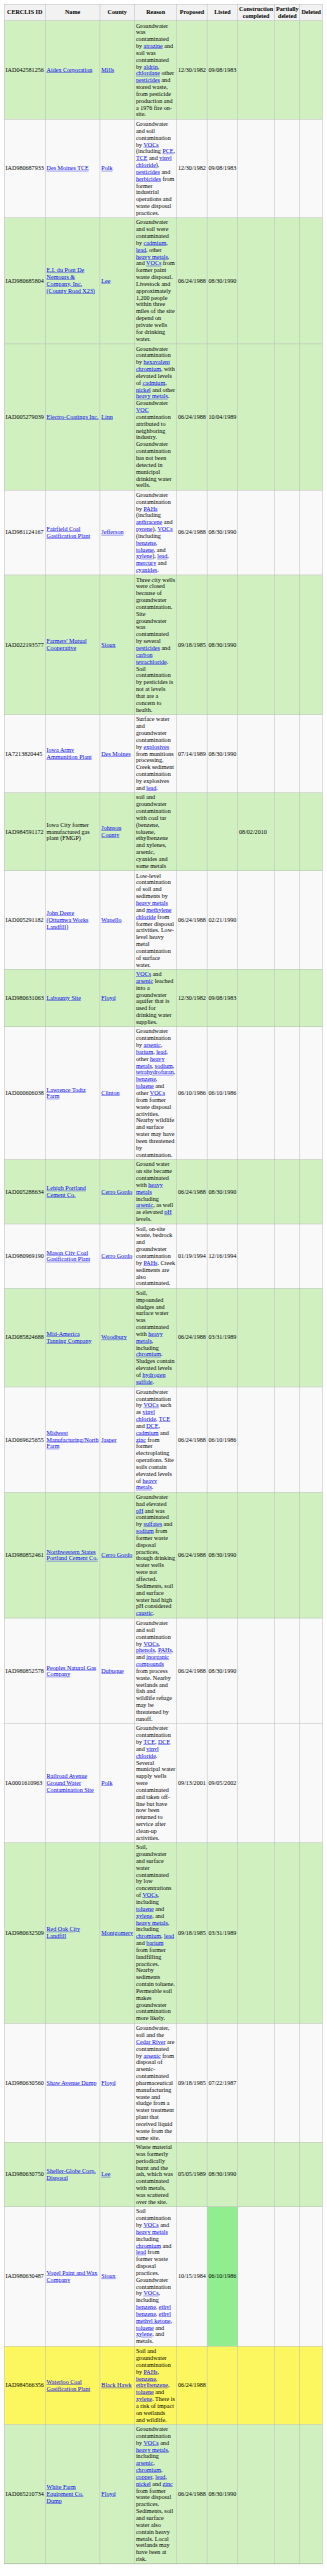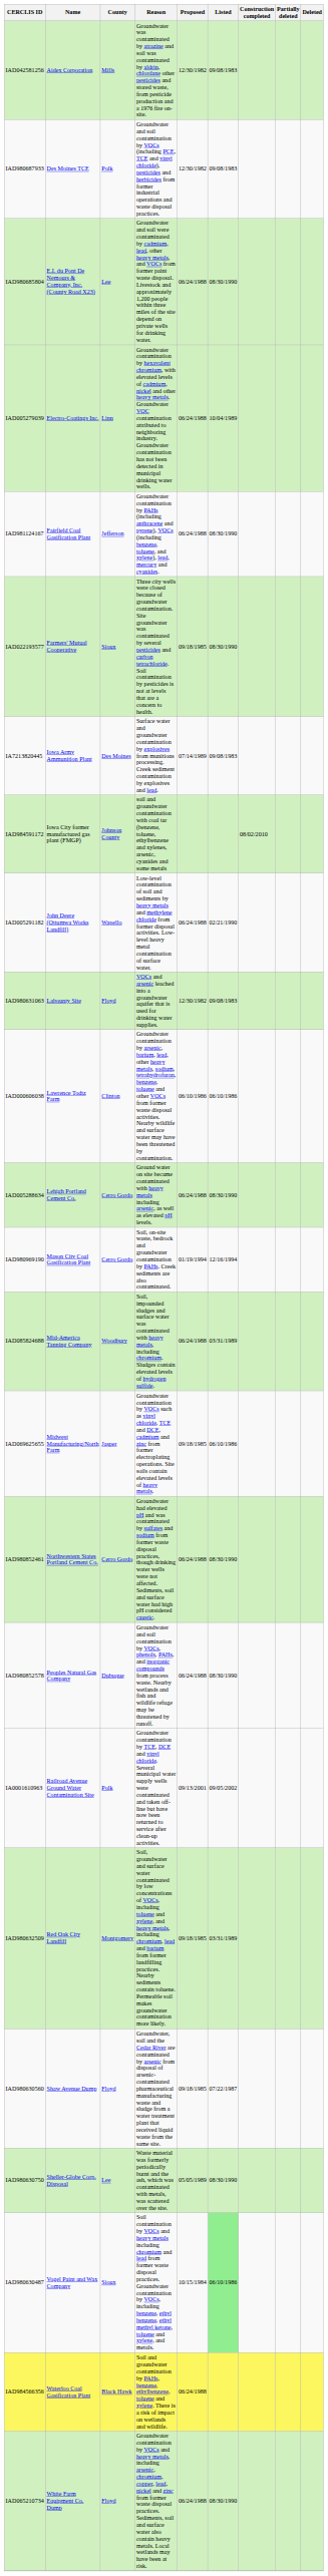 <table class="wikitable sortable">
 <tr>
 <th>CERCLIS ID</th>
 <th>Name</th>
 <th>County</th>
 <th>Reason</th>
 <th>Proposed</th>
 <th>Listed</th>
 <th>Construction<br>completed</th>
 <th>Partially<br>deleted</th>
 <th>Deleted</th>
 </tr>
 <tr style="background:#d0f0c0">
 <td>IAD042581256</td>
 <td><a href='#'>Aidex Corporation</a></td>
 <td><a href='#'>Mills</a></td>
 <td>Groundwater was contaminated by <a href='#'>atrazine</a> and soil was contaminated by <a href='#'>aldrin</a>, <a href='#'>chlordane</a> other <a href='#'>pesticides</a> and stored waste, from pesticide production and a 1976 fire on-site.</td>
 <td>12/30/1982</td>
 <td>09/08/1983</td>
 <td></td>
 <td></td>
 <td></td>
 </tr>
 <tr>
 <td>IAD980687933</td>
 <td><a href='#'>Des Moines TCE</a></td>
 <td><a href='#'>Polk</a></td>
 <td>Groundwater and soil contamination by <a href='#'>VOCs</a> (including <a href='#'>PCE</a>, <a href='#'>TCE</a> and <a href='#'>vinyl chloride</a>), <a href='#'>pesticides</a> and <a href='#'>herbicides</a> from former industrial operations and waste disposal practices.</td>
 <td>12/30/1982</td>
 <td>09/08/1983</td>
 <td></td>
 <td></td>
 <td></td>
 </tr>
 <tr style="background:#d0f0c0">
 <td>IAD980685804</td>
 <td><a href='#'>E.I. du Pont De Nemours & Company, Inc. (County Road X23)</a></td>
 <td><a href='#'>Lee</a></td>
 <td>Groundwater and soil were contaminated by <a href='#'>cadmium</a>, <a href='#'>lead</a>, other <a href='#'>heavy metals</a>, and <a href='#'>VOCs</a> from former paint waste disposal.  Livestock and approximately 1,200 people within three miles of the site depend on private wells for drinking water.</td>
 <td>06/24/1988</td>
 <td>08/30/1990</td>
 <td></td>
 <td></td>
 <td></td>
 </tr>
 <tr style="background:#d0f0c0">
 <td>IAD005279039</td>
 <td><a href='#'>Electro-Coatings Inc.</a></td>
 <td><a href='#'>Linn</a></td>
 <td>Groundwater contamination by <a href='#'>hexavalent chromium</a>, with elevated levels of <a href='#'>cadmium</a>, <a href='#'>nickel</a> and other <a href='#'>heavy metals</a>.  Groundwater <a href='#'>VOC</a> contamination attributed to neighboring industry.  Groundwater contamination has not been detected in municipal drinking water wells.</td>
 <td>06/24/1988</td>
 <td>10/04/1989</td>
 <td></td>
 <td></td>
 <td></td>
 </tr>
 <tr>
 <td>IAD981124167</td>
 <td><a href='#'>Fairfield Coal Gasification Plant</a></td>
 <td><a href='#'>Jefferson</a></td>
 <td>Groundwater contamination by <a href='#'>PAHs</a> (including <a href='#'>anthracene</a> and <a href='#'>pyrene</a>), <a href='#'>VOCs</a> (including <a href='#'>benzene</a>, <a href='#'>toluene</a>, and <a href='#'>xylene</a>), <a href='#'>lead</a>, <a href='#'>mercury</a> and <a href='#'>cyanides</a>.</td>
 <td>06/24/1988</td>
 <td>08/30/1990</td>
 <td></td>
 <td></td>
 <td></td>
 </tr>
 <tr style="background:#d0f0c0">
 <td>IAD022193577</td>
 <td><a href='#'>Farmers' Mutual Cooperative</a></td>
 <td><a href='#'>Sioux</a></td>
 <td>Three city wells were closed because of groundwater contamination.  Site groundwater was contaminated by several <a href='#'>pesticides</a> and <a href='#'>carbon tetrachloride</a>.  Soil contamination by pesticides is not at levels that are a concern to health.</td>
 <td>09/18/1985</td>
 <td>08/30/1990</td>
 <td></td>
 <td></td>
 <td></td>
 </tr>
 <tr>
 <td>IA7213820445</td>
 <td><a href='#'>Iowa Army Ammunition Plant</a></td>
 <td><a href='#'>Des Moines</a></td>
 <td>Surface water and groundwater contamination by <a href='#'>explosives</a> from munitions processing.  Creek sediment contamination by explosives and <a href='#'>lead</a>.</td>
 <td>07/14/1989</td>
-<td>08/30/1990</td>
+<td>09/08/1983</td>
 <td></td>
 <td></td>
 <td></td>
 </tr>
 <tr style="background:#d0f0c0">
 <td>IAD984591172</td>
 <td>Iowa City  former manufactured gas plant (FMGP)</td>
 <td><a href='#'>Johnson County</a></td>
 <td>soil and groundwater contamination with coal tar (benzene, toluene, ethylbenzene and xylenes, arsenic, cyanides and some metals</td>
 <td></td>
 <td></td>
 <td>08/02/2010</td>
 <td></td>
 <td></td>
 </tr>
 <tr "background:#d0f0c0">
 <td>IAD005291182</td>
 <td><a href='#'>John Deere (Ottumwa Works Landfill)</a></td>
 <td><a href='#'>Wapello</a></td>
 <td>Low-level contamination of soil and sediments by <a href='#'>heavy metals</a> and <a href='#'>methylene chloride</a> from former disposal activities.  Low-level heavy metal contamination of surface water.</td>
 <td>06/24/1988</td>
 <td>02/21/1990</td>
 <td></td>
 <td></td>
 <td></td>
 </tr>
 <tr style="background:#d0f0c0">
 <td>IAD980631063</td>
 <td><a href='#'>Labounty Site</a></td>
 <td><a href='#'>Floyd</a></td>
 <td><a href='#'>VOCs</a> and <a href='#'>arsenic</a> leached into a groundwater aquifer that is used for drinking water supplies.</td>
 <td>12/30/1982</td>
 <td>09/08/1983</td>
 <td></td>
 <td></td>
 <td></td>
 </tr>
 <tr>
 <td>IAD000606038</td>
 <td><a href='#'>Lawrence Todtz Farm</a></td>
 <td><a href='#'>Clinton</a></td>
 <td>Groundwater contamination by <a href='#'>arsenic</a>, <a href='#'>barium</a>, <a href='#'>lead</a>, other <a href='#'>heavy metals</a>, <a href='#'>sodium</a>, <a href='#'>tetrahydrofuran</a>, <a href='#'>benzene</a>, <a href='#'>toluene</a> and other <a href='#'>VOCs</a> from former waste disposal activities.  Nearby wildlife and surface water may have been threatened by contamination.</td>
 <td>06/10/1986</td>
 <td>06/10/1986</td>
 <td></td>
 <td></td>
 <td></td>
 </tr>
 <tr style="background:#d0f0c0">
 <td>IAD005288634</td>
 <td><a href='#'>Lehigh Portland Cement Co.</a></td>
 <td><a href='#'>Cerro Gordo</a></td>
 <td>Ground water on site became contaminated with <a href='#'>heavy metals</a> including <a href='#'>arsenic</a>, as well as elevated <a href='#'>pH</a> levels.</td>
 <td>06/24/1988</td>
 <td>08/30/1990</td>
 <td></td>
 <td></td>
 <td></td>
 </tr>
 <tr>
 <td>IAD980969190</td>
 <td><a href='#'>Mason City Coal Gasification Plant</a></td>
 <td><a href='#'>Cerro Gordo</a></td>
 <td>Soil, on-site waste, bedrock and groundwater contamination by <a href='#'>PAHs</a>.  Creek sediments are also contaminated.</td>
 <td>01/19/1994</td>
 <td>12/16/1994</td>
 <td></td>
 <td></td>
 <td></td>
 </tr>
 <tr style="background:#d0f0c0">
 <td>IAD085824688</td>
 <td><a href='#'>Mid-America Tanning Company</a></td>
 <td><a href='#'>Woodbury</a></td>
 <td>Soil, impounded sludges and surface water was contaminated with <a href='#'>heavy metals</a>, including <a href='#'>chromium</a>.  Sludges contain elevated levels of <a href='#'>hydrogen sulfide</a>.</td>
 <td>06/24/1988</td>
 <td>03/31/1989</td>
 <td></td>
 <td></td>
 <td></td>
 </tr>
 <tr>
 <td>IAD069625655</td>
 <td><a href='#'>Midwest Manufacturing/North Farm</a></td>
 <td><a href='#'>Jasper</a></td>
 <td>Groundwater contamination by <a href='#'>VOCs</a> such as <a href='#'>vinyl chloride</a>, <a href='#'>TCE</a> and <a href='#'>DCE</a>, <a href='#'>cadmium</a> and <a href='#'>zinc</a> from former electroplating operations.  Site soils contain elevated levels of <a href='#'>heavy metals</a>.</td>
-<td>06/24/1988</td>
+<td>09/18/1985</td>
 <td>06/10/1986</td>
 <td></td>
 <td></td>
 <td></td>
 </tr>
 <tr style="background:#d0f0c0">
 <td>IAD980852461</td>
 <td><a href='#'>Northwestern States Portland Cement Co.</a></td>
 <td><a href='#'>Cerro Gordo</a></td>
 <td>Groundwater had elevated <a href='#'>pH</a> and was contaminated by <a href='#'>sulfates</a> and <a href='#'>sodium</a> from former waste disposal practices, though drinking water wells were not affected.  Sediments, soil and surface water had high pH considered <a href='#'>caustic</a>.</td>
 <td>06/24/1988</td>
 <td>08/30/1990</td>
 <td></td>
 <td></td>
 <td></td>
 </tr>
 <tr>
 <td>IAD980852578</td>
 <td><a href='#'>Peoples Natural Gas Company</a></td>
 <td><a href='#'>Dubuque</a></td>
 <td>Groundwater and soil contamination by <a href='#'>VOCs</a>, <a href='#'>phenols</a>, <a href='#'>PAHs</a>, and <a href='#'>inorganic compounds</a> from process waste.  Nearby wetlands and fish and wildlife refuge may be threatened by runoff.</td>
 <td>06/24/1988</td>
 <td>08/30/1990</td>
 <td></td>
 <td></td>
 <td></td>
 </tr>
 <tr>
 <td>IA0001610963</td>
 <td><a href='#'>Railroad Avenue Ground Water Contamination Site</a></td>
 <td><a href='#'>Polk</a></td>
 <td>Groundwater contamination by <a href='#'>TCE</a>, <a href='#'>DCE</a> and <a href='#'>vinyl chloride</a>.  Several municipal water supply wells were contaminated and taken off-line but have now been returned to service after clean-up activities.</td>
 <td>09/13/2001</td>
 <td>09/05/2002</td>
 <td></td>
 <td></td>
 <td></td>
 </tr>
 <tr style="background:#d0f0c0">
 <td>IAD980632509</td>
 <td><a href='#'>Red Oak City Landfill</a></td>
 <td><a href='#'>Montgomery</a></td>
 <td>Soil, groundwater and surface water contaminated by low concentrations of <a href='#'>VOCs</a>, including <a href='#'>toluene</a> and <a href='#'>xylene</a>, and <a href='#'>heavy metals</a>, including <a href='#'>chromium</a>, <a href='#'>lead</a> and <a href='#'>barium</a> from former landfilling practices.  Nearby sediments contain toluene.  Permeable soil makes groundwater contamination more likely.</td>
 <td>09/18/1985</td>
 <td>03/31/1989</td>
 <td></td>
 <td></td>
 <td></td>
 </tr>
 <tr>
 <td>IAD980630560</td>
 <td><a href='#'>Shaw Avenue Dump</a></td>
 <td><a href='#'>Floyd</a></td>
 <td>Groundwater, soil and the <a href='#'>Cedar River</a> are contaminated by <a href='#'>arsenic</a> from disposal of arsenic-contaminated pharmaceutical manufacturing waste and sludge from a water treatment plant that received liquid waste from the same site.</td>
 <td>09/18/1985</td>
 <td>07/22/1987</td>
 <td></td>
 <td></td>
 <td></td>
 </tr>
 <tr style="background:#d0f0c0">
 <td>IAD980630750</td>
 <td><a href='#'>Sheller-Globe Corp. Disposal</a></td>
 <td><a href='#'>Lee</a></td>
 <td>Waste material was formerly periodically burnt and the ash, which was contaminated with metals, was scattered over the site.</td>
 <td>05/05/1989</td>
 <td>08/30/1990</td>
 <td></td>
 <td></td>
 <td></td>
 </tr>
 <tr>
 <td>IAD980630487</td>
 <td><a href='#'>Vogel Paint and Wax Company</a></td>
 <td><a href='#'>Sioux</a></td>
 <td>Soil contamination by <a href='#'>VOCs</a> and <a href='#'>heavy metals</a> including <a href='#'>chromium</a> and <a href='#'>lead</a> from former waste disposal practices. Groundwater contamination by <a href='#'>VOCs</a>, including <a href='#'>benzene</a>, <a href='#'>ethyl benzene</a>, <a href='#'>ethyl methyl ketone</a>, <a href='#'>toluene</a> and <a href='#'>xylene</a>, and metals.</td>
 <td>10/15/1984</td>
 <td style="background: lightgreen;">06/10/1986</td>
 <td></td>
 <td></td>
 <td></td>
 </tr>
 <tr style="background:#fcf75e">
 <td>IAD984566356</td>
 <td><a href='#'>Waterloo Coal Gasification Plant</a></td>
 <td><a href='#'>Black Hawk</a></td>
 <td>Soil and groundwater contamination by <a href='#'>PAHs</a>, <a href='#'>benzene</a>, <a href='#'>ethylbenzene</a>, <a href='#'>toluene</a> and <a href='#'>xylene</a>.  There is a risk of impact on wetlands and wildlife.</td>
 <td>06/24/1988</td>
 <td></td>
 <td></td>
 <td></td>
 <td></td>
 </tr>
 <tr style="background:#d0f0c0">
 <td>IAD065210734</td>
 <td><a href='#'>White Farm Equipment Co. Dump</a></td>
 <td><a href='#'>Floyd</a></td>
 <td>Groundwater contamination by <a href='#'>VOCs</a> and <a href='#'>heavy metals</a>, including <a href='#'>arsenic</a>, <a href='#'>chromium</a>, <a href='#'>copper</a>, <a href='#'>lead</a>, <a href='#'>nickel</a> and <a href='#'>zinc</a> from former waste disposal practices.  Sediments, soil and surface water also contain heavy metals.  Local wetlands may have been at risk.</td>
 <td>06/24/1988</td>
 <td>08/30/1990</td>
 <td></td>
 <td></td>
 <td></td>
 </tr>
 <tr>
 </tr>
 </table>
